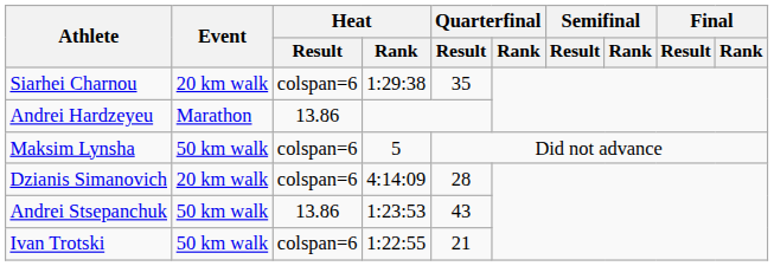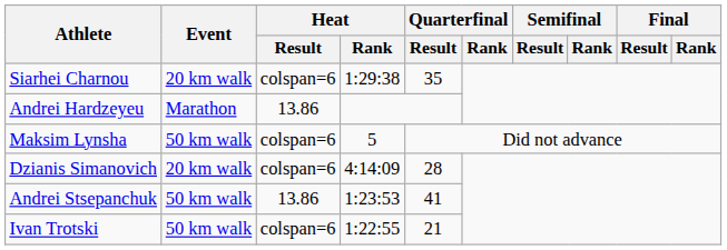 <table class=wikitable style="font-size:90%">
 <tr>
 <th rowspan="2">Athlete</th>
 <th rowspan="2">Event</th>
 <th colspan="2">Heat</th>
 <th colspan="2">Quarterfinal</th>
 <th colspan="2">Semifinal</th>
 <th colspan="2">Final</th>
 </tr>
 <tr style="font-size:95%">
 <th>Result</th>
 <th>Rank</th>
 <th>Result</th>
 <th>Rank</th>
 <th>Result</th>
 <th>Rank</th>
 <th>Result</th>
 <th>Rank</th>
 </tr>
 <tr align=center>
 <td align=left><a href='#'>Siarhei Charnou</a></td>
 <td align=left><a href='#'>20 km walk</a></td>
 <td>colspan=6 </td>
 <td>1:29:38</td>
 <td>35</td>
 </tr>
 <tr align=center>
 <td align=left><a href='#'>Andrei Hardzeyeu</a></td>
 <td align=left><a href='#'>Marathon</a></td>
 <td>13.86</td>
 <td colspan=2></td>
 </tr>
 <tr align=center>
 <td align=left><a href='#'>Maksim Lynsha</a></td>
 <td align=left><a href='#'>50 km walk</a></td>
 <td>colspan=6 </td>
 <td>5</td>
 <td colspan=6>Did not advance</td>
 </tr>
 <tr align=center>
 <td align=left><a href='#'>Dzianis Simanovich</a></td>
 <td align=left><a href='#'>20 km walk</a></td>
 <td>colspan=6 </td>
 <td>4:14:09</td>
 <td>28</td>
 </tr>
 <tr align=center>
 <td align=left><a href='#'>Andrei Stsepanchuk</a></td>
 <td align=left><a href='#'>50 km walk</a></td>
 <td>13.86</td>
 <td>1:23:53</td>
-<td>43</td>
+<td>41</td>
 </tr>
 <tr align=center>
 <td align=left><a href='#'>Ivan Trotski</a></td>
 <td align=left><a href='#'>50 km walk</a></td>
 <td>colspan=6 </td>
 <td>1:22:55</td>
 <td>21</td>
 </tr>
 </table>
